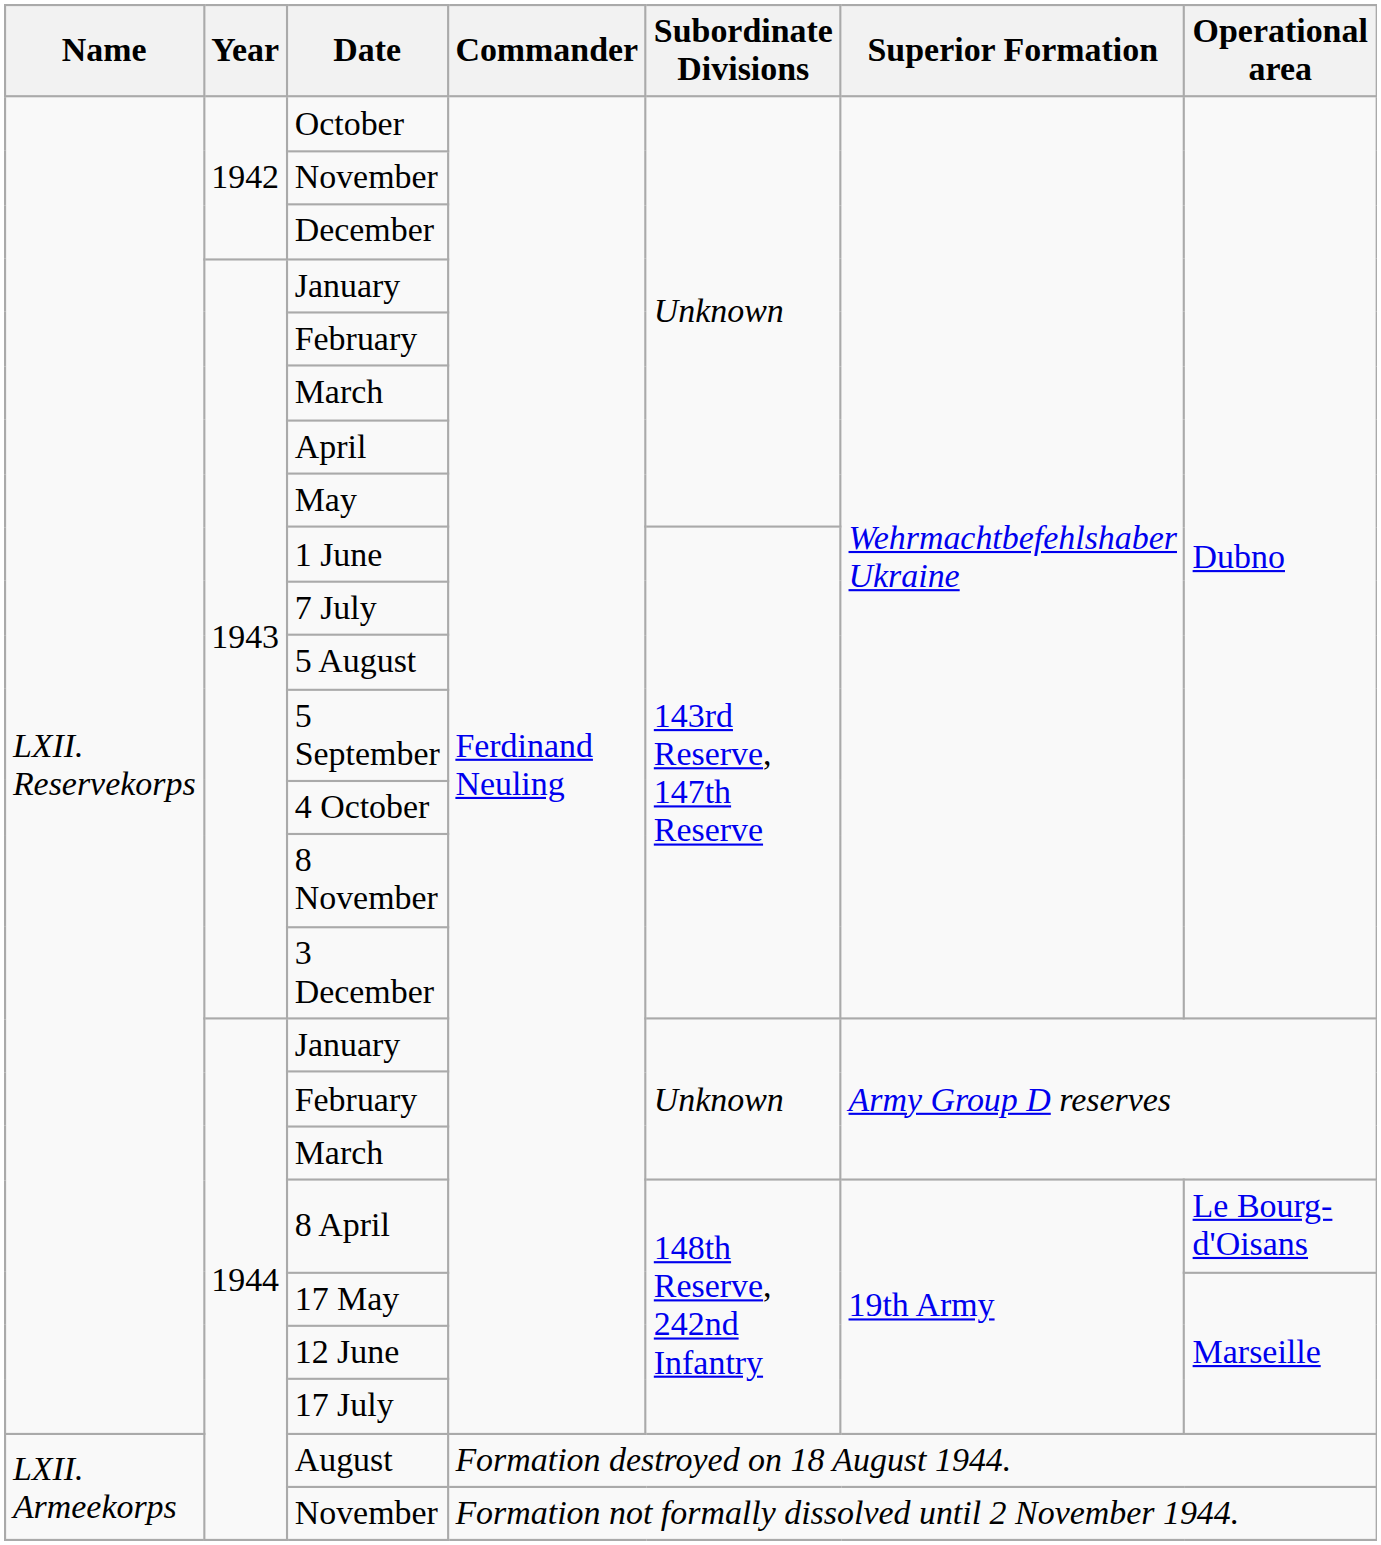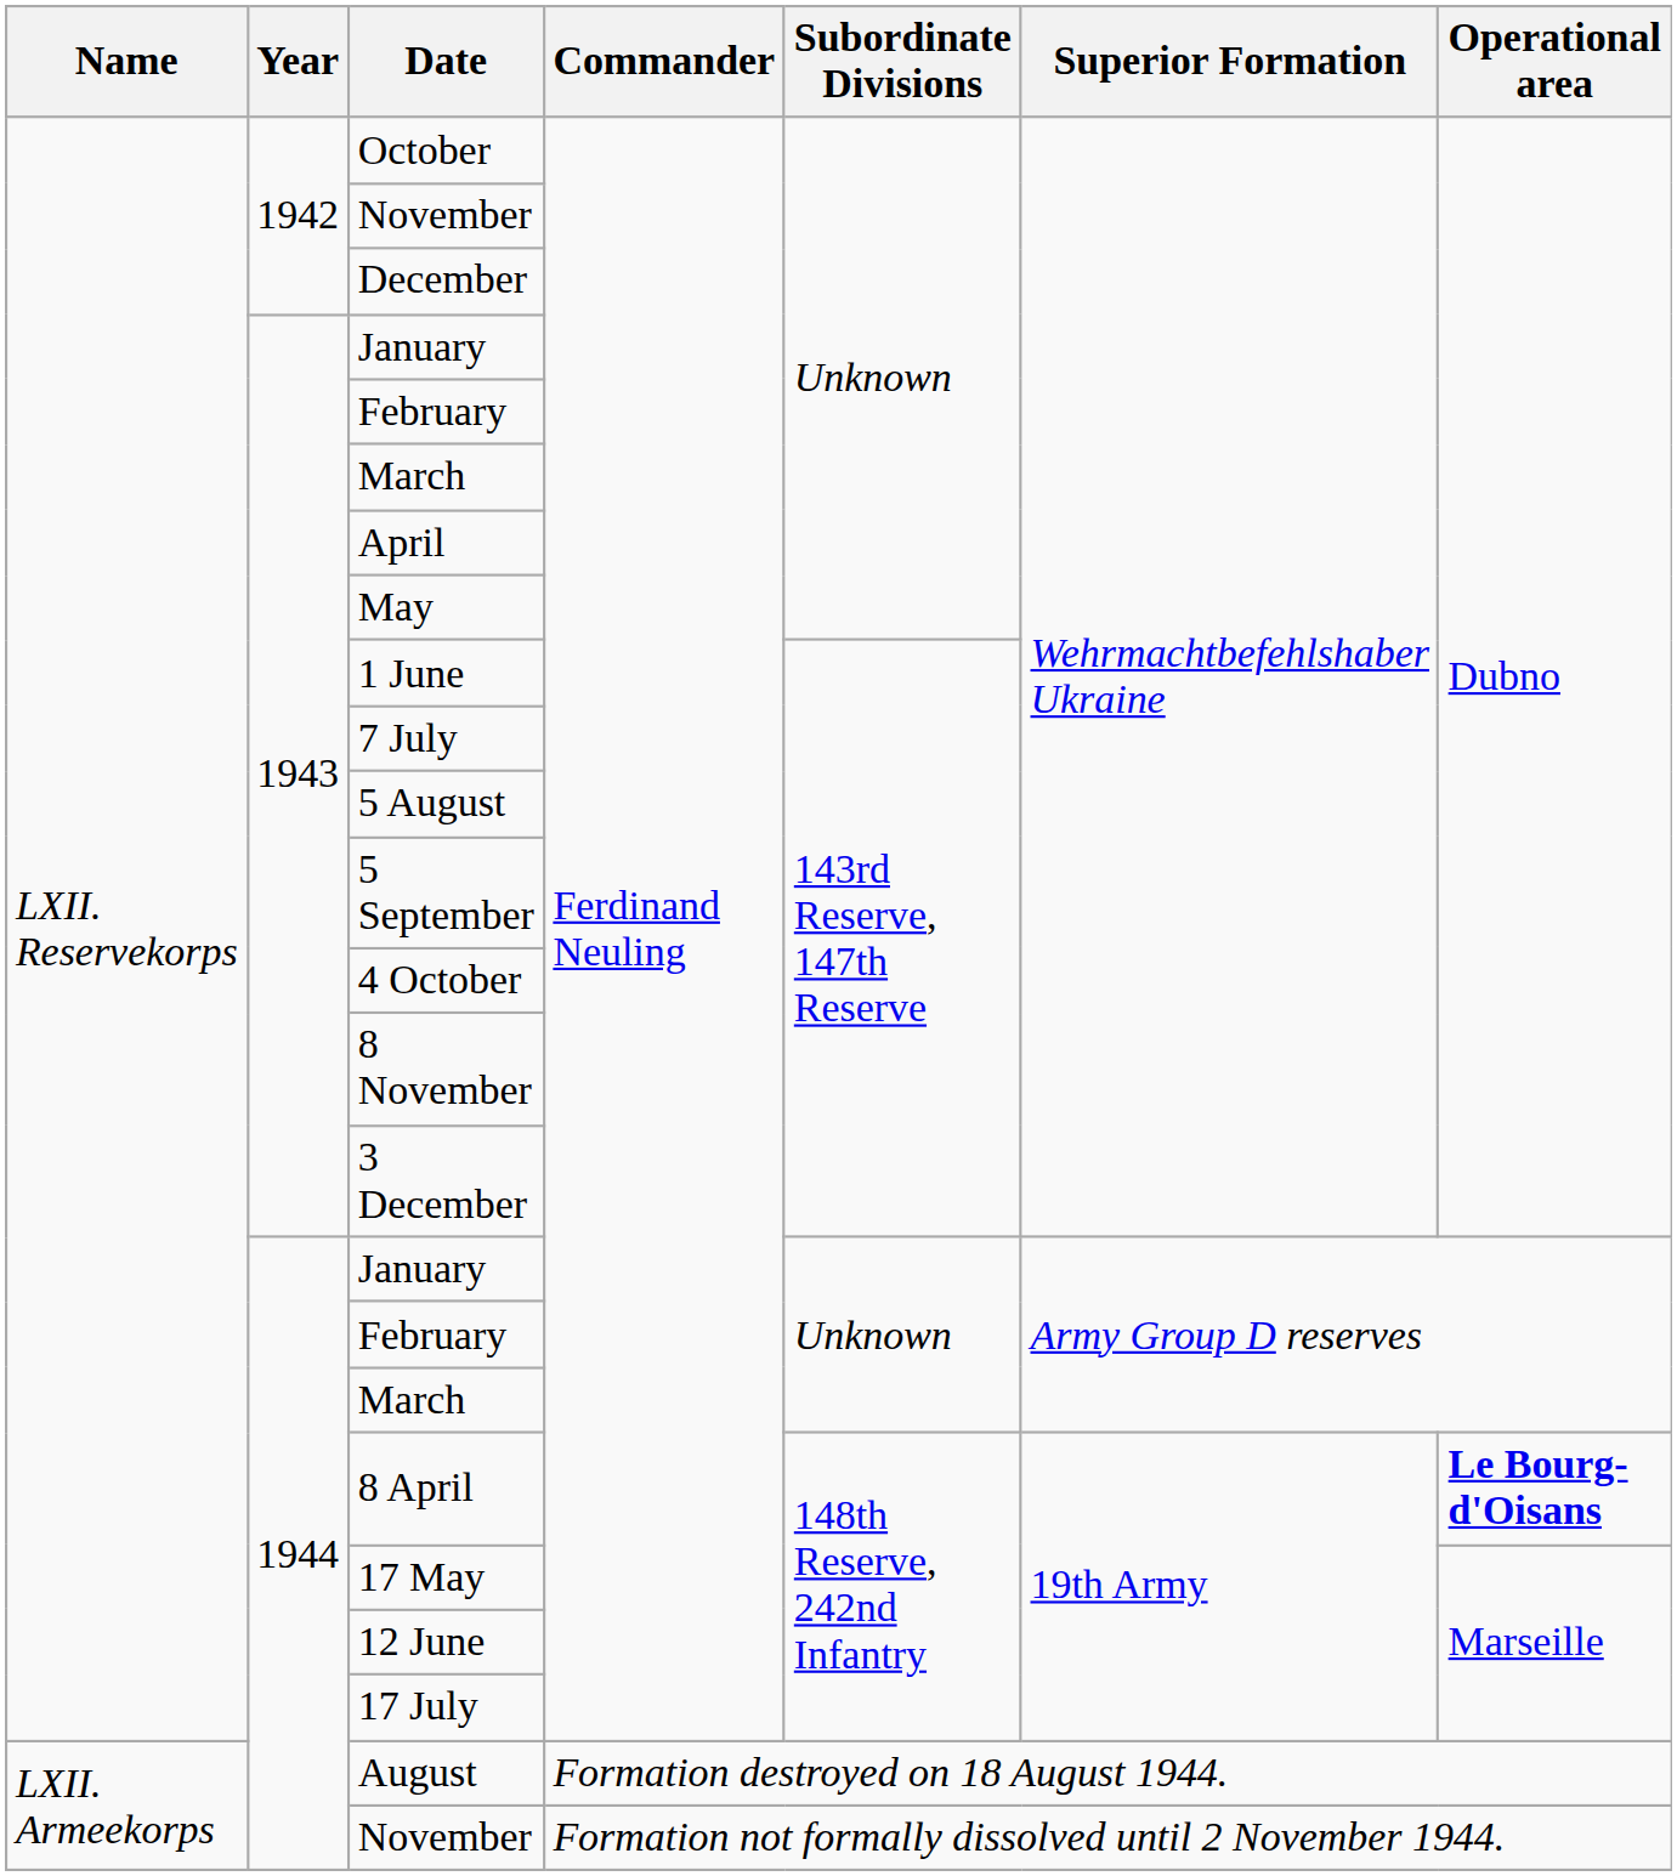 <table class="wikitable">
 <tr>
 <th>Name</th>
 <th>Year</th>
 <th>Date</th>
 <th>Commander</th>
 <th>Subordinate Divisions</th>
 <th>Superior Formation</th>
 <th>Operational area</th>
 </tr>
 <tr>
 <td rowspan="22"><em>LXII. Reservekorps</em></td>
 <td rowspan="3">1942</td>
 <td>October</td>
 <td rowspan="22"><a href='#'>Ferdinand Neuling</a></td>
 <td rowspan="8"><em>Unknown</em></td>
 <td rowspan="15"><em><a href='#'>Wehrmachtbefehlshaber Ukraine</a></em></td>
 <td rowspan="15"><a href='#'>Dubno</a></td>
 </tr>
 <tr>
 <td>November</td>
 </tr>
 <tr>
 <td>December</td>
 </tr>
 <tr>
 <td rowspan="12">1943</td>
 <td>January</td>
 </tr>
 <tr>
 <td>February</td>
 </tr>
 <tr>
 <td>March</td>
 </tr>
 <tr>
 <td>April</td>
 </tr>
 <tr>
 <td>May</td>
 </tr>
 <tr>
 <td>1 June</td>
 <td rowspan="7"><a href='#'>143rd Reserve</a>, <a href='#'>147th Reserve</a></td>
 </tr>
 <tr>
 <td>7 July</td>
 </tr>
 <tr>
 <td>5 August</td>
 </tr>
 <tr>
 <td>5 September</td>
 </tr>
 <tr>
 <td>4 October</td>
 </tr>
 <tr>
 <td>8 November</td>
 </tr>
 <tr>
 <td>3 December</td>
 </tr>
 <tr>
 <td rowspan="9">1944</td>
 <td>January</td>
 <td rowspan="3"><em>Unknown</em></td>
 <td colspan="2" rowspan="3"><em><a href='#'>Army Group D</a> reserves</em></td>
 </tr>
 <tr>
 <td>February</td>
 </tr>
 <tr>
 <td>March</td>
 </tr>
 <tr>
 <td>8 April</td>
 <td rowspan="4"><a href='#'>148th Reserve</a>, <a href='#'>242nd Infantry</a></td>
 <td rowspan="4"><a href='#'>19th Army</a></td>
-<td><a href='#'>Le Bourg-d'Oisans</a></td>
+<td><strong><a href='#'>Le Bourg-d'Oisans</a></strong></td>
 </tr>
 <tr>
 <td>17 May</td>
 <td rowspan="3"><a href='#'>Marseille</a></td>
 </tr>
 <tr>
 <td>12 June</td>
 </tr>
 <tr>
 <td>17 July</td>
 </tr>
 <tr>
 <td rowspan="2"><em>LXII. Armeekorps</em></td>
 <td>August</td>
 <td colspan="4"><em>Formation destroyed on 18 August 1944.</em></td>
 </tr>
 <tr>
 <td>November</td>
 <td colspan="4"><em>Formation not formally dissolved until 2 November 1944.</em></td>
 </tr>
 </table>
